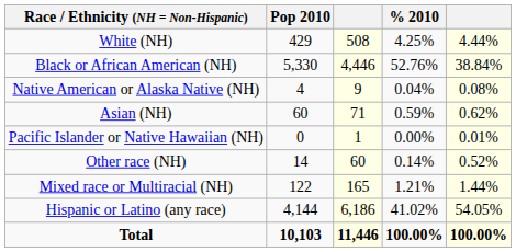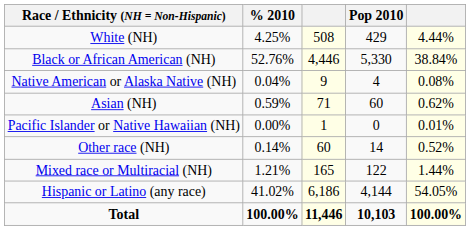 <table class="wikitable" style="text-align:center;">
 <tr>
 <th>Race / Ethnicity <small>(<em>NH = Non-Hispanic</em>)</small></th>
+<th>% 2010</th>
+<th></th>
 <th>Pop 2010</th>
-<th></th>
-<th>% 2010</th>
 <th></th>
 </tr>
 <tr>
 <td><a href='#'>White</a> (NH)</td>
+<td>4.25%</td>
+<td style='background: #ffffe6;'>508</td>
 <td>429</td>
-<td style='background: #ffffe6;'>508</td>
-<td>4.25%</td>
 <td style='background: #ffffe6;'>4.44%</td>
 </tr>
 <tr>
 <td><a href='#'>Black or African American</a> (NH)</td>
+<td>52.76%</td>
+<td style='background: #ffffe6;'>4,446</td>
 <td>5,330</td>
-<td style='background: #ffffe6;'>4,446</td>
-<td>52.76%</td>
 <td style='background: #ffffe6;'>38.84%</td>
 </tr>
 <tr>
 <td><a href='#'>Native American</a> or <a href='#'>Alaska Native</a> (NH)</td>
+<td>0.04%</td>
+<td style='background: #ffffe6;'>9</td>
 <td>4</td>
-<td style='background: #ffffe6;'>9</td>
-<td>0.04%</td>
 <td style='background: #ffffe6;'>0.08%</td>
 </tr>
 <tr>
 <td><a href='#'>Asian</a> (NH)</td>
+<td>0.59%</td>
+<td style='background: #ffffe6;'>71</td>
 <td>60</td>
-<td style='background: #ffffe6;'>71</td>
-<td>0.59%</td>
 <td style='background: #ffffe6;'>0.62%</td>
 </tr>
 <tr>
 <td><a href='#'>Pacific Islander</a> or <a href='#'>Native Hawaiian</a> (NH)</td>
+<td>0.00%</td>
+<td style='background: #ffffe6;'>1</td>
 <td>0</td>
-<td style='background: #ffffe6;'>1</td>
-<td>0.00%</td>
 <td style='background: #ffffe6;'>0.01%</td>
 </tr>
 <tr>
 <td><a href='#'>Other race</a> (NH)</td>
+<td>0.14%</td>
+<td style='background: #ffffe6;'>60</td>
 <td>14</td>
-<td style='background: #ffffe6;'>60</td>
-<td>0.14%</td>
 <td style='background: #ffffe6;'>0.52%</td>
 </tr>
 <tr>
 <td><a href='#'>Mixed race or Multiracial</a> (NH)</td>
+<td>1.21%</td>
+<td style='background: #ffffe6;'>165</td>
 <td>122</td>
-<td style='background: #ffffe6;'>165</td>
-<td>1.21%</td>
 <td style='background: #ffffe6;'>1.44%</td>
 </tr>
 <tr>
 <td><a href='#'>Hispanic or Latino</a> (any race)</td>
+<td>41.02%</td>
+<td style='background: #ffffe6;'>6,186</td>
 <td>4,144</td>
-<td style='background: #ffffe6;'>6,186</td>
-<td>41.02%</td>
 <td style='background: #ffffe6;'>54.05%</td>
 </tr>
 <tr>
 <td><strong>Total</strong></td>
+<td><strong>100.00%</strong></td>
+<td style='background: #ffffe6;'><strong>11,446</strong></td>
 <td><strong>10,103</strong></td>
-<td style='background: #ffffe6;'><strong>11,446</strong></td>
-<td><strong>100.00%</strong></td>
 <td style='background: #ffffe6;'><strong>100.00%</strong></td>
 </tr>
 </table>
